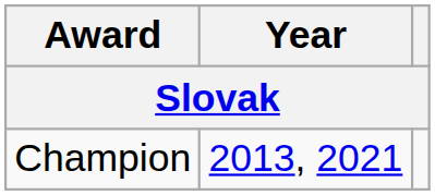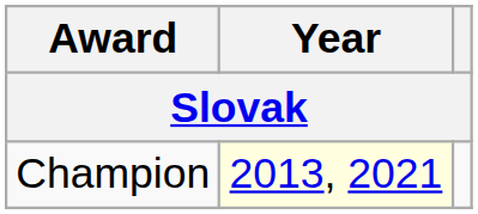 <table class="wikitable">
 <tr>
 <th>Award</th>
 <th>Year</th>
 <th></th>
 </tr>
 <tr>
 <th colspan="3"><a href='#'>Slovak</a></th>
 </tr>
 <tr>
 <td>Champion</td>
-<td><a href='#'>2013</a>, <a href='#'>2021</a></td>
+<td style="background: lightyellow;"><a href='#'>2013</a>, <a href='#'>2021</a></td>
 <td></td>
 </tr>
 </table>
